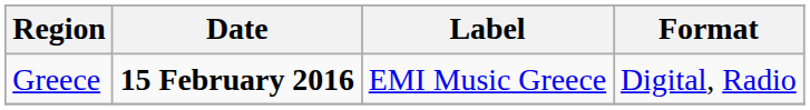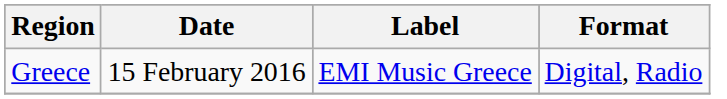 <table class="sortable wikitable">
 <tr>
 <th>Region</th>
 <th>Date</th>
 <th>Label</th>
 <th>Format</th>
 </tr>
 <tr>
 <td><a href='#'>Greece</a></td>
-<td rowspan="1"><strong>15 February 2016</strong></td>
+<td rowspan="1">15 February 2016</td>
 <td rowspan="1"><a href='#'>EMI Music Greece</a></td>
 <td><a href='#'>Digital</a>, <a href='#'>Radio</a></td>
 </tr>
 <tr>
 </tr>
 </table>
